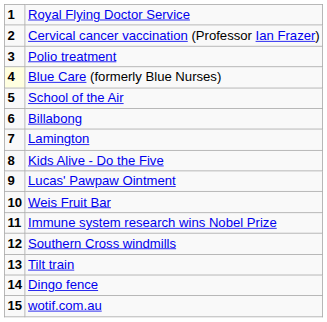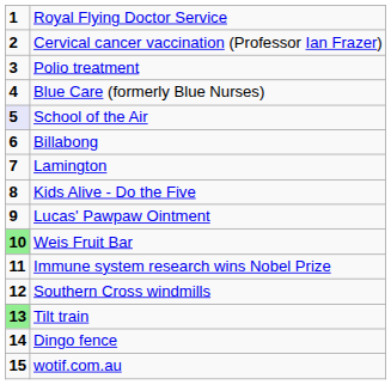 <table class="wikitable">
 <tr>
 <td><strong>1</strong></td>
 <td><a href='#'>Royal Flying Doctor Service</a></td>
 </tr>
 <tr>
 <td><strong>2</strong></td>
 <td><a href='#'>Cervical cancer vaccination</a> (Professor <a href='#'>Ian Frazer</a>)</td>
 </tr>
 <tr>
 <td><strong>3</strong></td>
 <td><a href='#'>Polio treatment</a></td>
 </tr>
 <tr>
-<td style="background: lightyellow;"><strong>4</strong></td>
+<td><strong>4</strong></td>
 <td><a href='#'>Blue Care</a> (formerly Blue Nurses)</td>
 </tr>
 <tr>
-<td><strong>5</strong></td>
+<td style="background: lavender;"><strong>5</strong></td>
 <td><a href='#'>School of the Air</a></td>
 </tr>
 <tr>
 <td><strong>6</strong></td>
 <td><a href='#'>Billabong</a></td>
 </tr>
 <tr>
 <td><strong>7</strong></td>
 <td><a href='#'>Lamington</a></td>
 </tr>
 <tr>
 <td><strong>8</strong></td>
 <td><a href='#'>Kids Alive - Do the Five</a></td>
 </tr>
 <tr>
 <td><strong>9</strong></td>
 <td><a href='#'>Lucas' Pawpaw Ointment</a></td>
 </tr>
 <tr>
-<td><strong>10</strong></td>
+<td style="background: lightgreen;"><strong>10</strong></td>
 <td><a href='#'>Weis Fruit Bar</a></td>
 </tr>
 <tr>
 <td><strong>11</strong></td>
 <td><a href='#'>Immune system research wins Nobel Prize</a></td>
 </tr>
 <tr>
 <td><strong>12</strong></td>
 <td><a href='#'>Southern Cross windmills</a></td>
 </tr>
 <tr>
-<td><strong>13</strong></td>
+<td style="background: lightgreen;"><strong>13</strong></td>
 <td><a href='#'>Tilt train</a></td>
 </tr>
 <tr>
 <td><strong>14</strong></td>
 <td><a href='#'>Dingo fence</a></td>
 </tr>
 <tr>
 <td><strong>15</strong></td>
 <td><a href='#'>wotif.com.au</a></td>
 </tr>
 </table>
